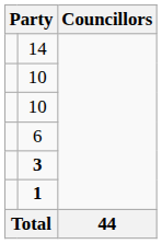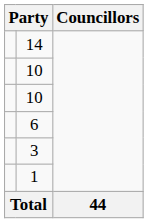 <table class="wikitable">
 <tr>
 <th colspan=2>Party</th>
 <th>Councillors</th>
 </tr>
 <tr>
 <td></td>
 <td align=center>14</td>
 </tr>
 <tr>
 <td></td>
 <td align=center>10</td>
 </tr>
 <tr>
 <td></td>
 <td align=center>10</td>
 </tr>
 <tr>
 <td></td>
 <td align=center>6</td>
 </tr>
 <tr>
 <td></td>
-<td align=center><strong>3</strong></td>
+<td align=center>3</td>
 </tr>
 <tr>
 <td></td>
-<td align=center><strong>1</strong></td>
+<td align=center>1</td>
 </tr>
 <tr>
 <th colspan=2>Total</th>
 <th align=center>44</th>
 </tr>
 </table>
